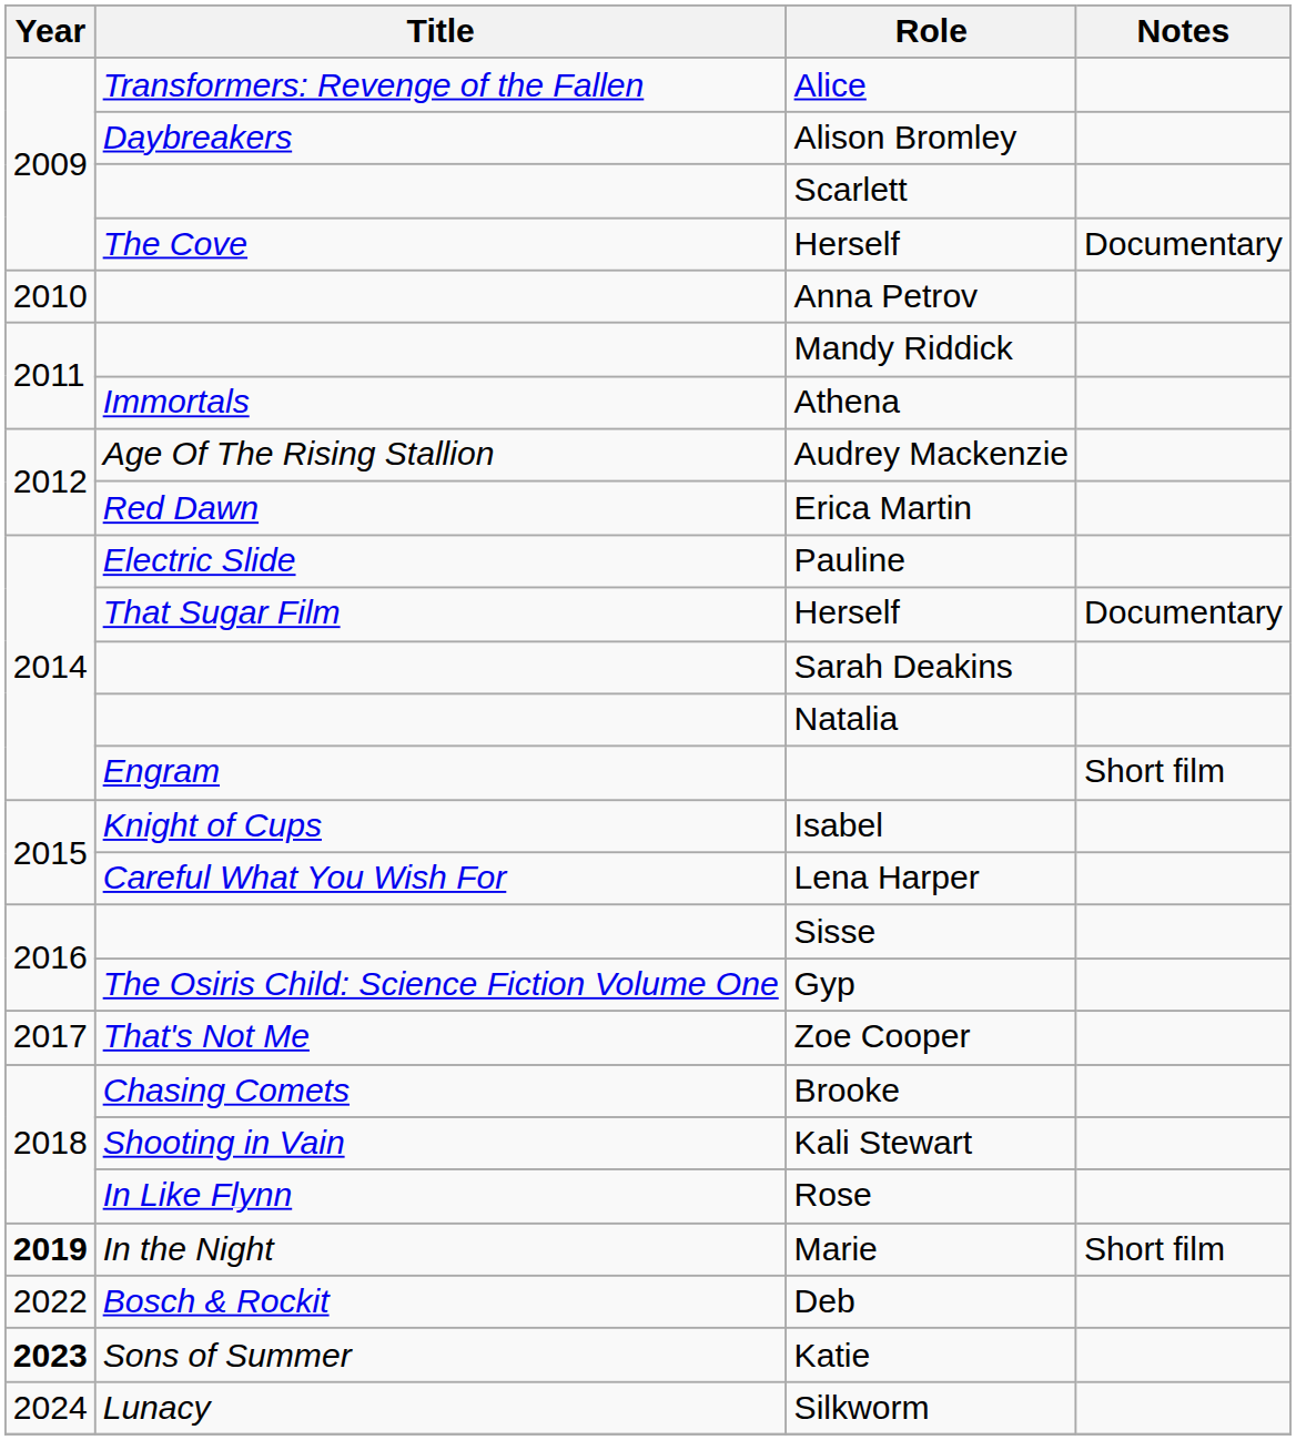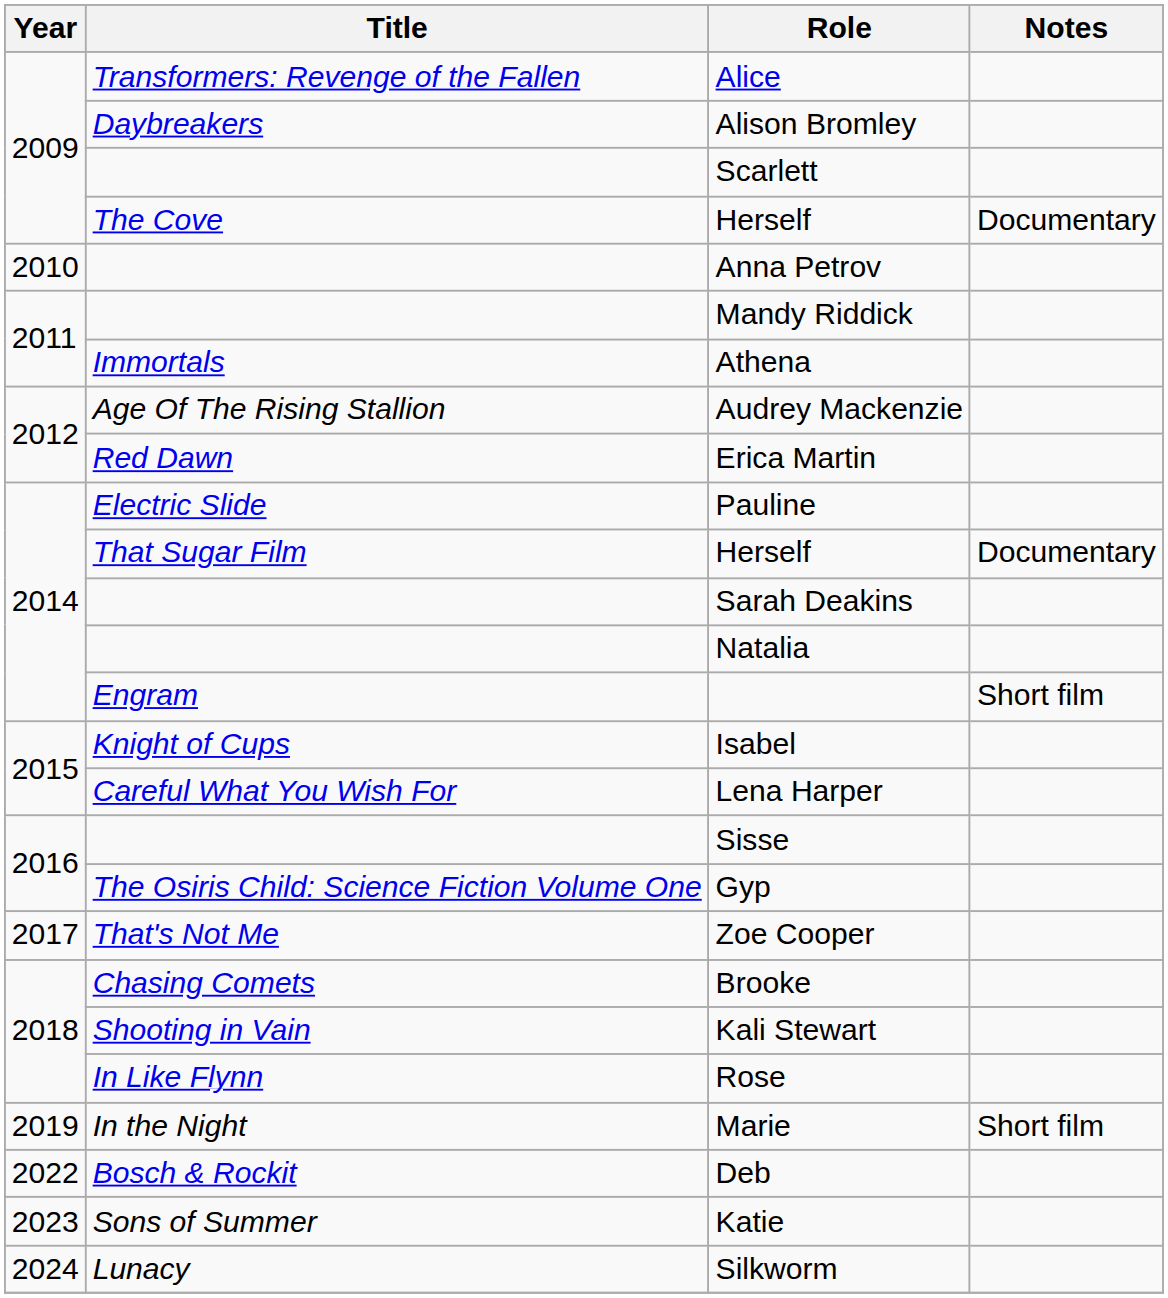 <table class="wikitable sortable">
 <tr>
 <th>Year</th>
 <th>Title</th>
 <th>Role</th>
 <th class="unsortable">Notes</th>
 </tr>
 <tr>
 <td rowspan="4">2009</td>
 <td><em><a href='#'>Transformers: Revenge of the Fallen</a></em></td>
 <td><a href='#'>Alice</a></td>
 <td></td>
 </tr>
 <tr>
 <td><em><a href='#'>Daybreakers</a></em></td>
 <td>Alison Bromley</td>
 <td></td>
 </tr>
 <tr>
 <td><em></em></td>
 <td>Scarlett</td>
 <td></td>
 </tr>
 <tr>
 <td><em><a href='#'>The Cove</a></em></td>
 <td>Herself</td>
 <td>Documentary</td>
 </tr>
 <tr>
 <td>2010</td>
 <td><em></em></td>
 <td>Anna Petrov</td>
 <td></td>
 </tr>
 <tr>
 <td rowspan="2">2011</td>
 <td><em></em></td>
 <td>Mandy Riddick</td>
 <td></td>
 </tr>
 <tr>
 <td><em><a href='#'>Immortals</a></em></td>
 <td>Athena</td>
 <td></td>
 </tr>
 <tr>
 <td rowspan="2">2012</td>
 <td><em>Age Of The Rising Stallion</em></td>
 <td>Audrey Mackenzie</td>
 <td></td>
 </tr>
 <tr>
 <td><em><a href='#'>Red Dawn</a></em></td>
 <td>Erica Martin</td>
 <td></td>
 </tr>
 <tr>
 <td rowspan="5">2014</td>
 <td><em><a href='#'>Electric Slide</a></em></td>
 <td>Pauline</td>
 <td></td>
 </tr>
 <tr>
 <td><em><a href='#'>That Sugar Film</a></em></td>
 <td>Herself</td>
 <td>Documentary</td>
 </tr>
 <tr>
 <td><em></em></td>
 <td>Sarah Deakins</td>
 <td></td>
 </tr>
 <tr>
 <td><em></em></td>
 <td>Natalia</td>
 <td></td>
 </tr>
 <tr>
 <td><em><a href='#'>Engram</a></em></td>
 <td></td>
 <td>Short film</td>
 </tr>
 <tr>
 <td rowspan="2">2015</td>
 <td><em><a href='#'>Knight of Cups</a></em></td>
 <td>Isabel</td>
 <td></td>
 </tr>
 <tr>
 <td><em><a href='#'>Careful What You Wish For</a></em></td>
 <td>Lena Harper</td>
 <td></td>
 </tr>
 <tr>
 <td rowspan="2">2016</td>
 <td><em></em></td>
 <td>Sisse</td>
 <td></td>
 </tr>
 <tr>
 <td><em><a href='#'>The Osiris Child: Science Fiction Volume One</a></em></td>
 <td>Gyp</td>
 <td></td>
 </tr>
 <tr>
 <td>2017</td>
 <td><em><a href='#'>That's Not Me</a></em></td>
 <td>Zoe Cooper</td>
 <td></td>
 </tr>
 <tr>
 <td rowspan="3">2018</td>
 <td><em><a href='#'>Chasing Comets</a></em></td>
 <td>Brooke</td>
 <td></td>
 </tr>
 <tr>
 <td><em><a href='#'>Shooting in Vain</a></em></td>
 <td>Kali Stewart</td>
 <td></td>
 </tr>
 <tr>
 <td><em><a href='#'>In Like Flynn</a></em></td>
 <td>Rose</td>
 <td></td>
 </tr>
 <tr>
-<td><strong>2019</strong></td>
+<td>2019</td>
 <td><em>In the Night</em></td>
 <td>Marie</td>
 <td>Short film</td>
 </tr>
 <tr>
 <td>2022</td>
 <td><em><a href='#'>Bosch & Rockit</a></em></td>
 <td>Deb</td>
 <td></td>
 </tr>
 <tr>
-<td><strong>2023</strong></td>
+<td>2023</td>
 <td><em>Sons of Summer</em></td>
 <td>Katie</td>
 <td></td>
 </tr>
 <tr>
 <td>2024</td>
 <td><em>Lunacy</em></td>
 <td>Silkworm</td>
 <td></td>
 </tr>
 <tr>
 </tr>
 </table>
